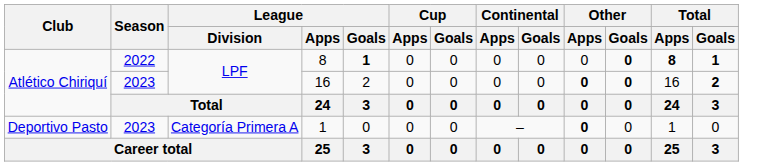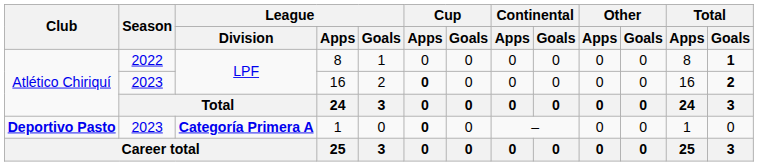 <table class=wikitable style=text-align:center>
 <tr>
 <th rowspan="2">Club</th>
 <th rowspan="2">Season</th>
 <th colspan="3">League</th>
 <th colspan="2">Cup</th>
 <th colspan="2">Continental</th>
 <th colspan="2">Other</th>
 <th colspan="2">Total</th>
 </tr>
 <tr>
 <th>Division</th>
 <th>Apps</th>
 <th>Goals</th>
 <th>Apps</th>
 <th>Goals</th>
 <th>Apps</th>
 <th>Goals</th>
 <th>Apps</th>
 <th>Goals</th>
 <th>Apps</th>
 <th>Goals</th>
 </tr>
 <tr>
 <td rowspan="3"><a href='#'>Atlético Chiriquí</a></td>
 <td><a href='#'>2022</a></td>
 <td rowspan="2"><a href='#'>LPF</a></td>
 <td>8</td>
-<td><strong>1</strong></td>
+<td>1</td>
 <td>0</td>
 <td>0</td>
 <td>0</td>
 <td>0</td>
 <td>0</td>
-<td><strong>0</strong></td>
-<td><strong>8</strong></td>
+<td>0</td>
+<td>8</td>
 <td><strong>1</strong></td>
 </tr>
 <tr>
 <td><a href='#'>2023</a></td>
 <td>16</td>
 <td>2</td>
+<td><strong>0</strong></td>
 <td>0</td>
 <td>0</td>
 <td>0</td>
 <td>0</td>
-<td><strong>0</strong></td>
-<td><strong>0</strong></td>
+<td>0</td>
 <td>16</td>
 <td><strong>2</strong></td>
 </tr>
 <tr>
 <th colspan="2">Total</th>
 <th>24</th>
 <th>3</th>
 <th>0</th>
 <th>0</th>
 <th>0</th>
 <th>0</th>
 <th>0</th>
 <th>0</th>
 <th>24</th>
 <th>3</th>
 </tr>
 <tr>
-<td><a href='#'>Deportivo Pasto</a></td>
+<td><strong><a href='#'>Deportivo Pasto</a></strong></td>
 <td><a href='#'>2023</a></td>
-<td><a href='#'>Categoría Primera A</a></td>
+<td><strong><a href='#'>Categoría Primera A</a></strong></td>
 <td>1</td>
 <td>0</td>
-<td>0</td>
+<td><strong>0</strong></td>
 <td>0</td>
 <td colspan="2">–</td>
-<td><strong>0</strong></td>
+<td>0</td>
 <td>0</td>
 <td>1</td>
 <td>0</td>
 </tr>
 <tr>
 <th colspan="3">Career total</th>
 <th>25</th>
 <th>3</th>
 <th>0</th>
 <th>0</th>
 <th>0</th>
 <th>0</th>
 <th>0</th>
 <th>0</th>
 <th>25</th>
 <th>3</th>
 </tr>
 </table>
